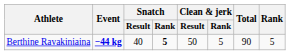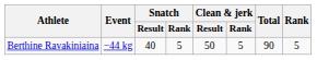 <table class="wikitable" style="font-size:90%">
 <tr>
 <th rowspan="2">Athlete</th>
 <th rowspan="2">Event</th>
 <th colspan="2">Snatch</th>
 <th colspan="2">Clean & jerk</th>
 <th rowspan="2">Total</th>
 <th rowspan="2">Rank</th>
 </tr>
 <tr style="font-size:95%">
 <th>Result</th>
 <th>Rank</th>
 <th>Result</th>
 <th>Rank</th>
 </tr>
 <tr align=center>
 <td align=left><a href='#'>Berthine Ravakiniaina</a></td>
-<td align=left><strong><a href='#'>−44 kg</a></strong></td>
+<td align=left><a href='#'>−44 kg</a></td>
 <td>40</td>
-<td><strong>5</strong></td>
+<td>5</td>
 <td>50</td>
 <td>5</td>
 <td>90</td>
 <td>5</td>
 </tr>
 </table>
